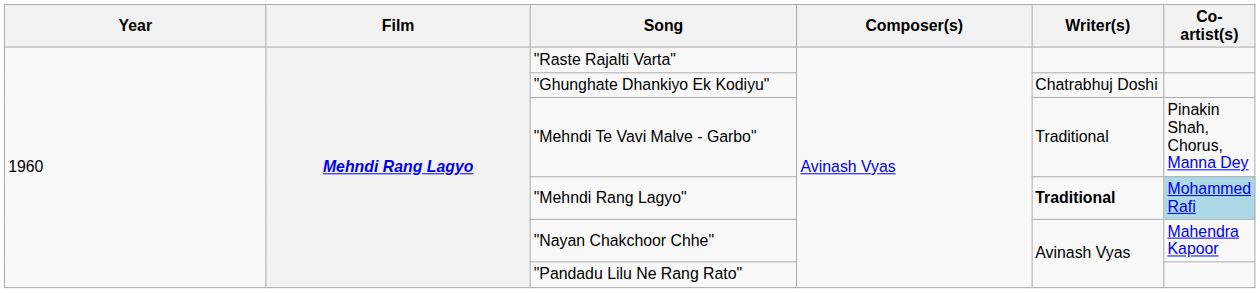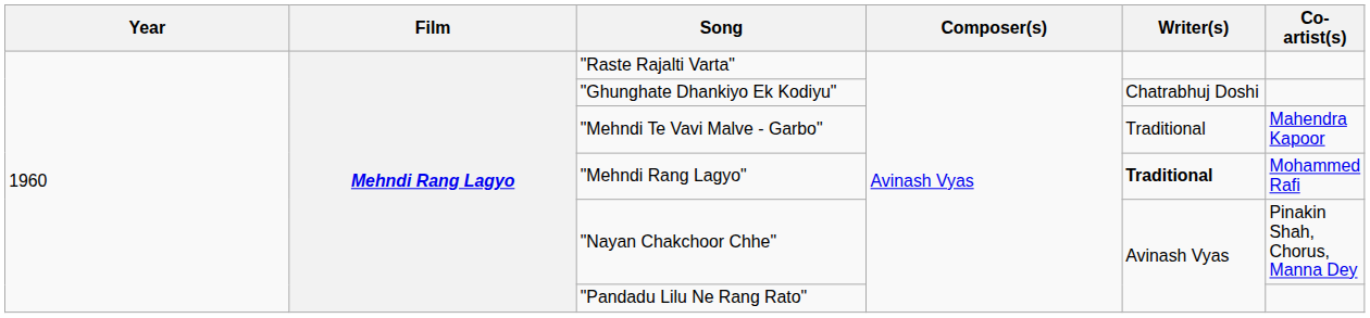 <table class="wikitable plainrowheaders" style="width:100%; textcolor:#000">
 <tr style="background:#b0e0e66;">
 <th scope="col" style="width:23%;"><strong>Year</strong></th>
 <th scope="col" style="width:23%;"><strong>Film</strong></th>
 <th scope="col" style="width:23%;"><strong>Song</strong></th>
 <th scope="col" style="width:20%;"><strong>Composer(s)</strong></th>
 <th scope="col" style="width:16%;"><strong>Writer(s)</strong></th>
 <th scope="col" style="width:18%;"><strong>Co-artist(s)</strong></th>
 </tr>
 <tr>
 <td rowspan="6">1960</td>
 <th rowspan="6"><em><a href='#'>Mehndi Rang Lagyo</a></em></th>
 <td>"Raste Rajalti Varta"</td>
 <td rowspan=6><a href='#'>Avinash Vyas</a></td>
 <td></td>
 <td></td>
 </tr>
 <tr>
 <td>"Ghunghate Dhankiyo Ek Kodiyu"</td>
 <td>Chatrabhuj Doshi</td>
 <td></td>
 </tr>
 <tr>
 <td>"Mehndi Te Vavi Malve - Garbo"</td>
 <td>Traditional</td>
-<td>Pinakin Shah, Chorus, <a href='#'>Manna Dey</a></td>
+<td><a href='#'>Mahendra Kapoor</a></td>
 </tr>
 <tr>
 <td>"Mehndi Rang Lagyo"</td>
 <td><strong>Traditional</strong></td>
-<td style="background: lightblue;"><a href='#'>Mohammed Rafi</a></td>
+<td><a href='#'>Mohammed Rafi</a></td>
 </tr>
 <tr>
 <td>"Nayan Chakchoor Chhe"</td>
 <td rowspan=2>Avinash Vyas</td>
-<td><a href='#'>Mahendra Kapoor</a></td>
+<td>Pinakin Shah, Chorus, <a href='#'>Manna Dey</a></td>
 </tr>
 <tr>
 <td>"Pandadu Lilu Ne Rang Rato"</td>
 <td></td>
 </tr>
 </table>
